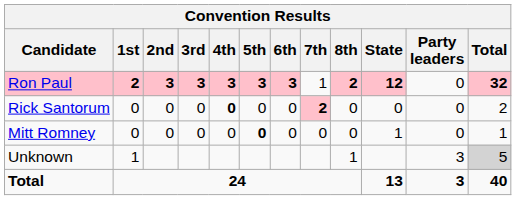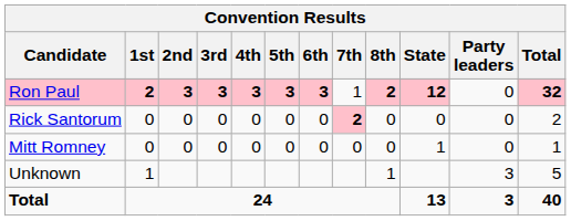 <table class="wikitable">
 <tr>
 <th colspan="12">Convention Results</th>
 </tr>
 <tr>
 <th>Candidate</th>
 <th>1st</th>
 <th>2nd</th>
 <th>3rd</th>
 <th>4th</th>
 <th>5th</th>
 <th>6th</th>
 <th>7th</th>
 <th>8th</th>
 <th>State</th>
 <th>Party<br>leaders</th>
 <th>Total</th>
 </tr>
 <tr style="text-align:right;">
 <td align="left" bgcolor="pink"> <a href='#'>Ron Paul</a></td>
 <td bgcolor="pink"><strong>2</strong></td>
 <td bgcolor="pink"><strong>3</strong></td>
 <td bgcolor="pink"><strong>3</strong></td>
 <td bgcolor="pink"><strong>3</strong></td>
 <td bgcolor="pink"><strong>3</strong></td>
 <td bgcolor="pink"><strong>3</strong></td>
 <td>1</td>
 <td bgcolor="pink"><strong>2</strong></td>
 <td bgcolor="pink"><strong>12</strong></td>
 <td>0</td>
 <td bgcolor="pink"><strong>32</strong></td>
 </tr>
 <tr style="text-align:right;">
 <td align="left"><a href='#'>Rick Santorum</a></td>
 <td>0</td>
 <td>0</td>
 <td>0</td>
-<td><strong>0</strong></td>
+<td>0</td>
 <td>0</td>
 <td>0</td>
 <td bgcolor="pink"><strong>2</strong></td>
 <td>0</td>
 <td>0</td>
 <td>0</td>
 <td>2</td>
 </tr>
 <tr style="text-align:right;">
 <td align="left"><a href='#'>Mitt Romney</a></td>
 <td>0</td>
 <td>0</td>
 <td>0</td>
 <td>0</td>
-<td><strong>0</strong></td>
+<td>0</td>
 <td>0</td>
 <td>0</td>
 <td>0</td>
 <td>1</td>
 <td>0</td>
 <td>1</td>
 </tr>
 <tr style="text-align:right;">
 <td align="left">Unknown</td>
 <td>1</td>
 <td></td>
 <td></td>
 <td></td>
 <td></td>
 <td></td>
 <td></td>
 <td>1</td>
 <td></td>
 <td>3</td>
-<td style="background: lightgrey;">5</td>
+<td>5</td>
 </tr>
 <tr>
 <td><strong>Total</strong></td>
 <td colspan="8" align="center"><strong>24</strong></td>
 <td align="right"><strong>13</strong></td>
 <td align="right"><strong>3</strong></td>
 <td align="right"><strong>40</strong></td>
 </tr>
 </table>
